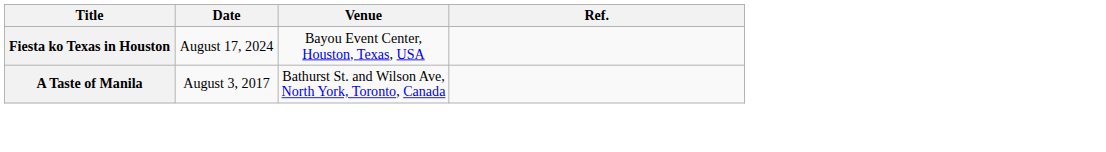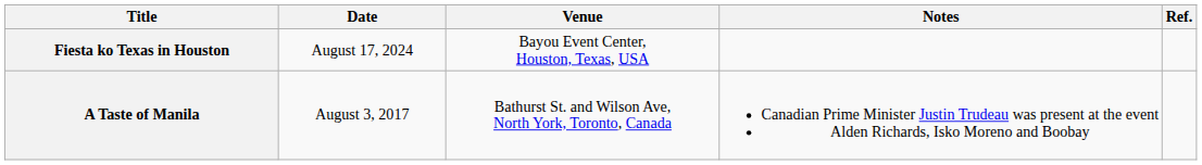 <table class="wikitable plainrowheaders" style="text-align: center;"  style="width:100%">
 <tr>
 <th scope="col" width="23%">Title</th>
 <th scope="col" width="14%">Date</th>
 <th scope="col" width="23%">Venue</th>
+<th>Notes</th>
 <th>Ref.</th>
 </tr>
 <tr>
 <th scope="row">Fiesta ko Texas in Houston</th>
 <td>August 17, 2024</td>
 <td>Bayou Event Center,<br><a href='#'>Houston, Texas</a>, <a href='#'>USA</a></td>
 <td></td>
+<td></td>
 </tr>
 <tr>
 <th scope="row">A Taste of Manila</th>
 <td>August 3, 2017</td>
 <td>Bathurst St. and Wilson Ave,<br><a href='#'>North York, Toronto</a>, <a href='#'>Canada</a></td>
+<td><br><ul><li>Canadian Prime Minister <a href='#'>Justin Trudeau</a> was present at the event</li><li>Alden Richards, Isko Moreno and Boobay</li></ul></td>
 <td></td>
 </tr>
 </table>
